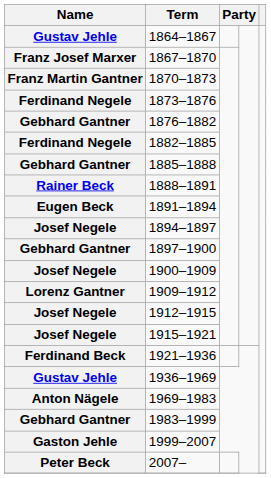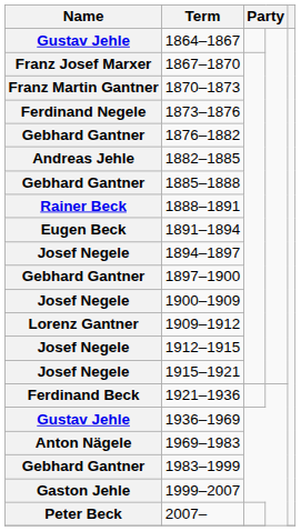 <table class="wikitable">
 <tr>
 <th scope="col">Name</th>
 <th scope="col">Term</th>
 <th colspan="2" scope="colgroup">Party</th>
 <th scope="col"></th>
 </tr>
 <tr>
 <th><a href='#'>Gustav Jehle</a></th>
 <td>1864–1867</td>
 <td style="background:"></td>
 <td rowspan="15"></td>
 <td rowspan="21"></td>
 </tr>
 <tr>
 <th>Franz Josef Marxer</th>
 <td>1867–1870</td>
 </tr>
 <tr>
 <th>Franz Martin Gantner</th>
 <td>1870–1873</td>
 </tr>
 <tr>
 <th>Ferdinand Negele</th>
 <td>1873–1876</td>
 </tr>
 <tr>
 <th>Gebhard Gantner</th>
 <td>1876–1882</td>
 </tr>
 <tr>
-<th scope="row">Ferdinand Negele</th>
+<th>Andreas Jehle</th>
 <td>1882–1885</td>
 </tr>
 <tr>
 <th>Gebhard Gantner</th>
 <td>1885–1888</td>
 </tr>
 <tr>
 <th><a href='#'>Rainer Beck</a></th>
 <td>1888–1891</td>
 </tr>
 <tr>
 <th>Eugen Beck</th>
 <td>1891–1894</td>
 </tr>
 <tr>
 <th>Josef Negele</th>
 <td>1894–1897</td>
 </tr>
 <tr>
 <th>Gebhard Gantner</th>
 <td>1897–1900</td>
 </tr>
 <tr>
 <th>Josef Negele</th>
 <td>1900–1909</td>
 </tr>
 <tr>
 <th>Lorenz Gantner</th>
 <td>1909–1912</td>
 </tr>
 <tr>
 <th>Josef Negele</th>
 <td>1912–1915</td>
 </tr>
 <tr>
 <th>Josef Negele</th>
 <td>1915–1921</td>
 </tr>
 <tr>
 <th>Ferdinand Beck</th>
 <td>1921–1936</td>
 <td></td>
 </tr>
 <tr>
 <th><a href='#'>Gustav Jehle</a></th>
 <td>1936–1969</td>
 </tr>
 <tr>
 <th>Anton Nägele</th>
 <td>1969–1983</td>
 </tr>
 <tr>
 <th>Gebhard Gantner</th>
 <td>1983–1999</td>
 </tr>
 <tr>
 <th>Gaston Jehle</th>
 <td>1999–2007</td>
 </tr>
 <tr>
 <th>Peter Beck</th>
 <td>2007–</td>
 <td></td>
 </tr>
 <tr>
 </tr>
 </table>
